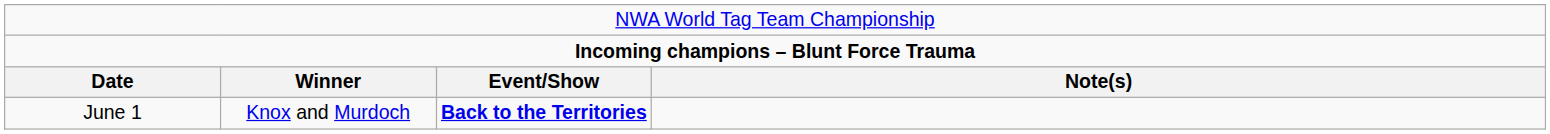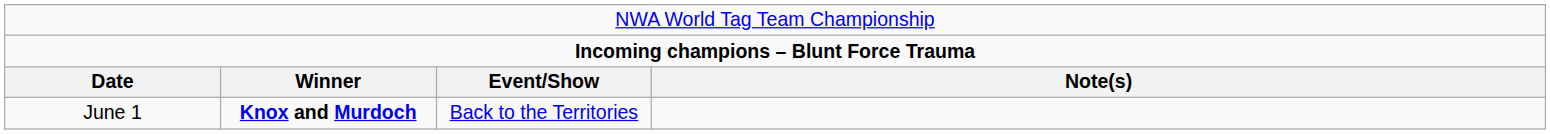 <table class="wikitable" style="text-align:center; width:100%;">
 <tr>
 <td colspan="4" style="text-align: center;"><a href='#'>NWA World Tag Team Championship</a></td>
 </tr>
 <tr>
 <td colspan="4" style="text-align: center;"><strong>Incoming champions – Blunt Force Trauma </strong></td>
 </tr>
 <tr>
 <th width=14%>Date</th>
 <th width=14%>Winner</th>
 <th width=14%>Event/Show</th>
 <th width=58%>Note(s)</th>
 </tr>
 <tr>
 <td>June 1<br></td>
-<td><a href='#'>Knox</a> and <a href='#'>Murdoch</a></td>
-<td><strong><a href='#'>Back to the Territories</a></strong></td>
+<td><strong><a href='#'>Knox</a> and <a href='#'>Murdoch</a></strong></td>
+<td><a href='#'>Back to the Territories</a></td>
 <td></td>
 </tr>
 </table>
